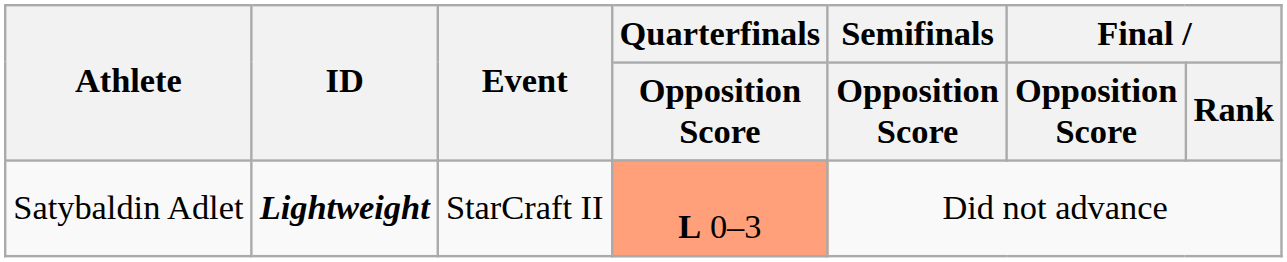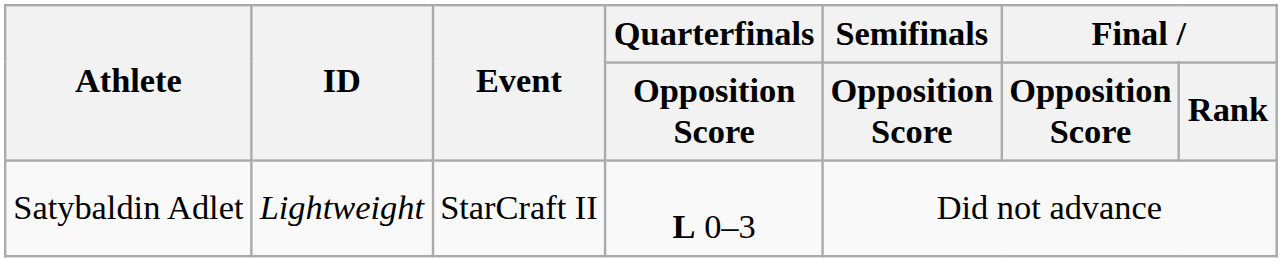 <table class=wikitable style="font-size:90%; text-align:center;">
 <tr>
 <th rowspan=2>Athlete</th>
 <th rowspan=2>ID</th>
 <th rowspan=2>Event</th>
 <th>Quarterfinals</th>
 <th>Semifinals</th>
 <th colspan=2>Final / </th>
 </tr>
 <tr>
 <th>Opposition<br>Score</th>
 <th>Opposition<br>Score</th>
 <th>Opposition<br>Score</th>
 <th>Rank</th>
 </tr>
 <tr>
 <td align=left>Satybaldin Adlet</td>
-<td align=left><strong><em>Lightweight</em></strong></td>
+<td align=left><em>Lightweight</em></td>
 <td align=left>StarCraft II</td>
-<td style="background: lightsalmon;"><br><strong>L</strong> 0–3</td>
+<td><br><strong>L</strong> 0–3</td>
 <td colspan=3>Did not advance</td>
 </tr>
 </table>
